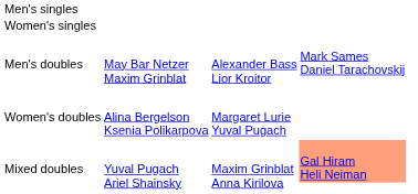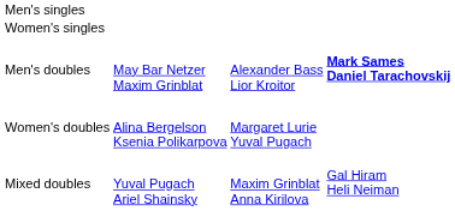 <table>
 <tr>
 <td rowspan="2">Men's singles<br></td>
 <td rowspan="2"></td>
 <td rowspan="2"></td>
 <td></td>
 </tr>
 <tr>
 <td></td>
 </tr>
 <tr>
 <td rowspan="2">Women's singles<br></td>
 <td rowspan="2"></td>
 <td rowspan="2"></td>
 <td></td>
 </tr>
 <tr>
 <td></td>
 </tr>
 <tr>
 <td rowspan="2">Men's doubles<br></td>
 <td rowspan="2"><br><a href='#'>May Bar Netzer</a><br><a href='#'>Maxim Grinblat</a></td>
 <td rowspan="2"><br><a href='#'>Alexander Bass</a> <br> <a href='#'>Lior Kroitor</a></td>
-<td><br><a href='#'>Mark Sames</a><br><a href='#'>Daniel Tarachovskij</a></td>
+<td><strong><br><a href='#'>Mark Sames</a><br><a href='#'>Daniel Tarachovskij</a></strong></td>
 </tr>
 <tr>
 <td><br></td>
 </tr>
 <tr>
 <td rowspan="2">Women's doubles<br></td>
 <td rowspan="2"><br><a href='#'>Alina Bergelson</a><br><a href='#'>Ksenia Polikarpova</a></td>
 <td rowspan="2"><br><a href='#'>Margaret Lurie</a><br><a href='#'>Yuval Pugach</a></td>
 <td><br></td>
 </tr>
 <tr>
 <td><br></td>
 </tr>
 <tr>
 <td rowspan="2">Mixed doubles<br></td>
 <td rowspan="2"><br><a href='#'>Yuval Pugach</a><br><a href='#'>Ariel Shainsky</a></td>
 <td rowspan="2"><br><a href='#'>Maxim Grinblat</a><br><a href='#'>Anna Kirilova</a></td>
-<td style="background: lightsalmon;"><br><a href='#'>Gal Hiram</a><br><a href='#'>Heli Neiman</a></td>
+<td><br><a href='#'>Gal Hiram</a><br><a href='#'>Heli Neiman</a></td>
 </tr>
 <tr>
 <td><br></td>
 </tr>
 </table>
